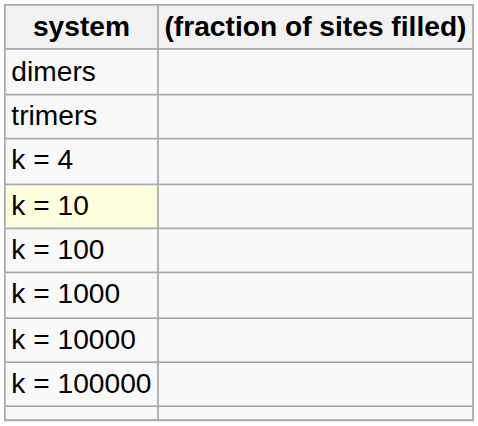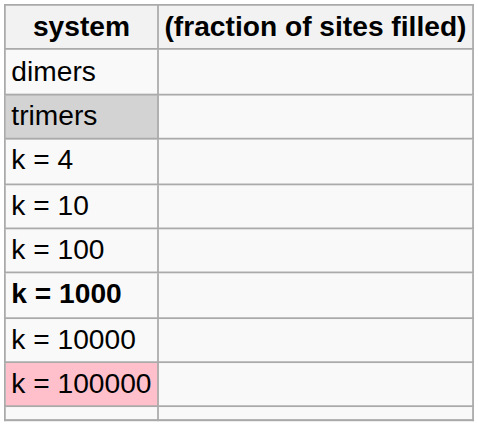 <table class="wikitable">
 <tr>
 <th>system</th>
 <th>(fraction of sites filled)</th>
 </tr>
 <tr>
 <td>dimers</td>
 <td></td>
 </tr>
 <tr>
-<td>trimers</td>
+<td style="background: lightgrey;">trimers</td>
 <td></td>
 </tr>
 <tr>
 <td>k = 4</td>
 <td></td>
 </tr>
 <tr>
-<td style="background: lightyellow;">k = 10</td>
+<td>k = 10</td>
 <td></td>
 </tr>
 <tr>
 <td>k = 100</td>
 <td></td>
 </tr>
 <tr>
-<td>k = 1000</td>
+<td><strong>k = 1000</strong></td>
 <td></td>
 </tr>
 <tr>
 <td>k = 10000</td>
 <td></td>
 </tr>
 <tr>
-<td>k = 100000</td>
+<td style="background: pink;">k = 100000</td>
 <td></td>
 </tr>
 <tr>
 <td></td>
 <td></td>
 </tr>
 <tr>
 </tr>
 </table>
